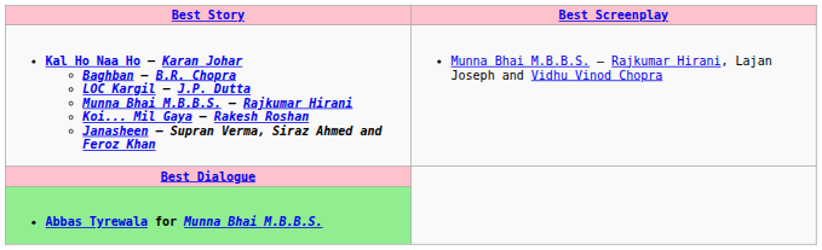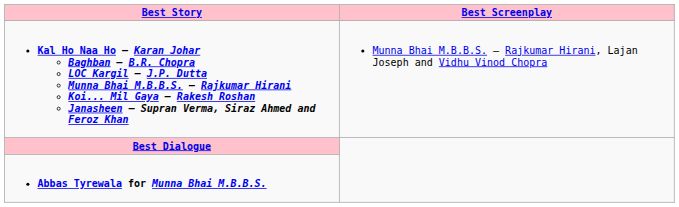 <table class=wikitable style="width=150%">
 <tr>
 <th ! style="background:#ffc1cc; width:50%;"><a href='#'>Best Story</a></th>
 <th ! style="background:#ffc1cc; width:50%;"><a href='#'>Best Screenplay</a></th>
 </tr>
 <tr valign="top">
 <td><br><ul><li><strong><a href='#'>Kal Ho Naa Ho</a> – <em><a href='#'>Karan Johar</a><strong><em><ul><li><a href='#'>Baghban</a> – <a href='#'>B.R. Chopra</a></li><li><a href='#'>LOC Kargil</a> – <a href='#'>J.P. Dutta</a></li><li><a href='#'>Munna Bhai M.B.B.S.</a> – <a href='#'>Rajkumar Hirani</a></li><li><a href='#'>Koi... Mil Gaya</a> – <a href='#'>Rakesh Roshan</a></li><li><a href='#'>Janasheen</a> – Supran Verma, Siraz Ahmed and <a href='#'>Feroz Khan</a></li></ul></li></ul></td>
 <td><br><ul><li></strong><a href='#'>Munna Bhai M.B.B.S.</a> – </em><a href='#'>Rajkumar Hirani</a>, Lajan Joseph and <a href='#'>Vidhu Vinod Chopra</a></em></strong></li></ul></td>
 </tr>
 <tr>
 <th ! style="background:#ffc1cc; width:50%;"><a href='#'>Best Dialogue</a></th>
 </tr>
 <tr valign="top">
-<td style="background: lightgreen;"><br><ul><li><strong><a href='#'>Abbas Tyrewala</a> for <em><a href='#'>Munna Bhai M.B.B.S.</a><strong><em></li></ul></td>
+<td><br><ul><li><strong><a href='#'>Abbas Tyrewala</a> for <em><a href='#'>Munna Bhai M.B.B.S.</a><strong><em></li></ul></td>
 </tr>
 </table>
